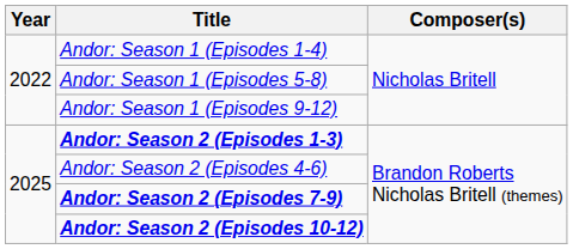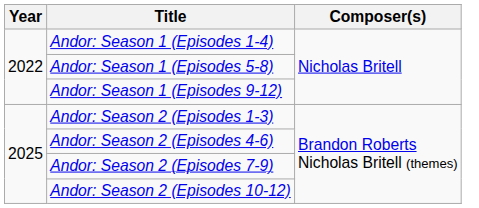 <table class="wikitable">
 <tr>
 <th>Year</th>
 <th>Title</th>
 <th>Composer(s)</th>
 </tr>
 <tr>
 <td rowspan="3">2022</td>
 <td><a href='#'><em>Andor: Season 1 (Episodes 1-4)</em></a></td>
 <td rowspan="3"><a href='#'>Nicholas Britell</a></td>
 </tr>
 <tr>
 <td><a href='#'><em>Andor: Season 1 (Episodes 5-8)</em></a></td>
 </tr>
 <tr>
 <td><a href='#'><em>Andor: Season 1 (Episodes 9-12)</em></a></td>
 </tr>
 <tr>
 <td rowspan="4">2025</td>
-<td><strong><em><a href='#'>Andor: Season 2 (Episodes 1-3)</a></em></strong></td>
+<td><em><a href='#'>Andor: Season 2 (Episodes 1-3)</a></em></td>
 <td rowspan="4"><a href='#'>Brandon Roberts</a><br>Nicholas Britell <small>(themes)</small></td>
 </tr>
 <tr>
 <td><em><a href='#'>Andor: Season 2 (Episodes 4-6)</a></em></td>
 </tr>
 <tr>
-<td><strong><a href='#'><em>Andor: Season 2 (Episodes 7-9)</em></a></strong></td>
+<td><a href='#'><em>Andor: Season 2 (Episodes 7-9)</em></a></td>
 </tr>
 <tr>
-<td><strong><a href='#'><em>Andor: Season 2 (Episodes 10-12)</em></a></strong></td>
+<td><a href='#'><em>Andor: Season 2 (Episodes 10-12)</em></a></td>
 </tr>
 </table>
